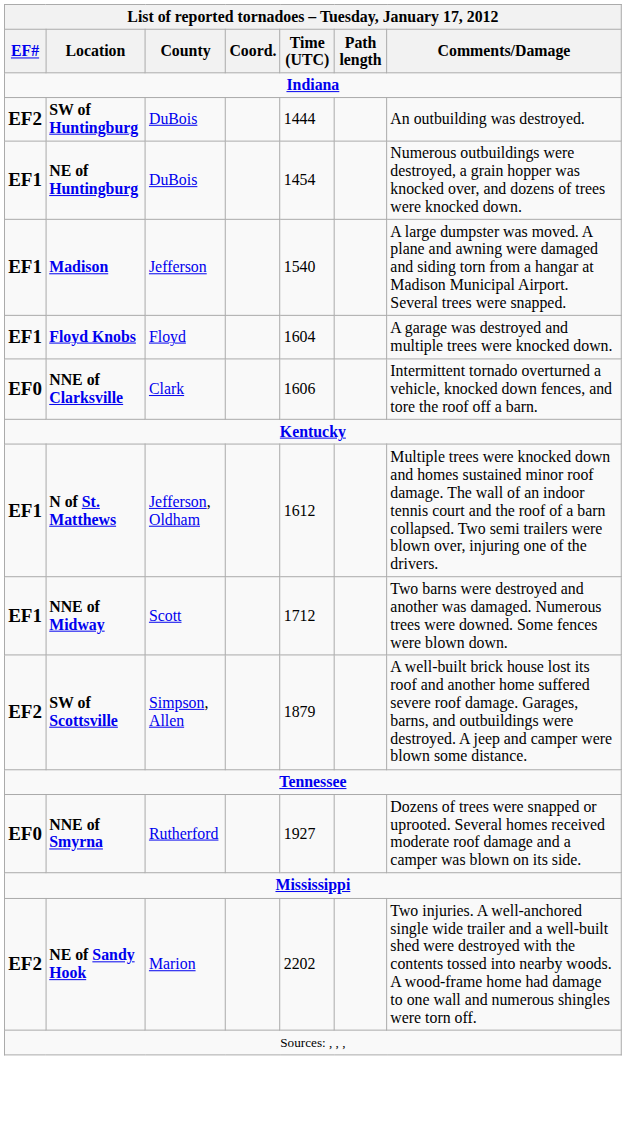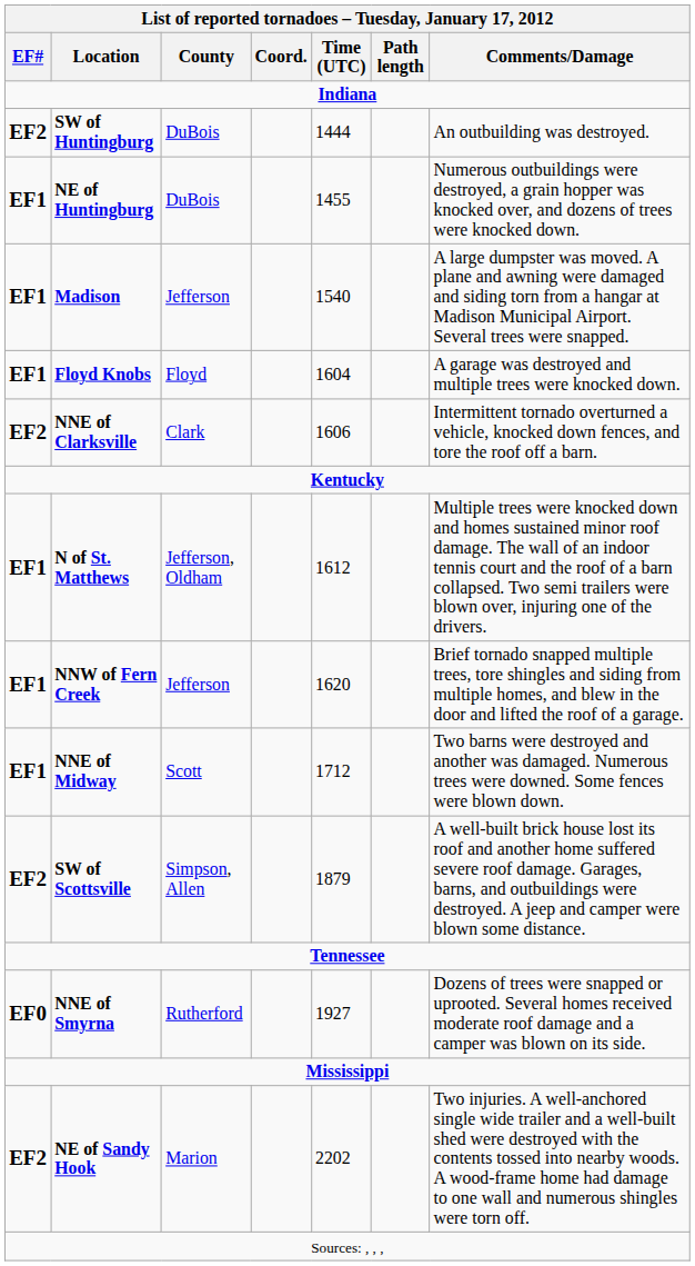 <table class="wikitable collapsible" style="width:100%;">
 <tr>
 <th colspan="7">List of reported tornadoes – Tuesday, January 17, 2012</th>
 </tr>
 <tr>
 <th><a href='#'>EF#</a></th>
 <th>Location</th>
 <th>County</th>
 <th>Coord.</th>
 <th>Time (UTC)</th>
 <th>Path length</th>
 <th>Comments/Damage</th>
 </tr>
 <tr>
 <td colspan="7" style="text-align:center;"><strong><a href='#'>Indiana</a></strong></td>
 </tr>
 <tr>
 <td><big><strong>EF2</strong></big></td>
 <td><strong>SW of <a href='#'>Huntingburg</a></strong></td>
 <td><a href='#'>DuBois</a></td>
 <td></td>
 <td>1444</td>
 <td></td>
 <td>An outbuilding was destroyed.</td>
 </tr>
 <tr>
 <td><big><strong>EF1</strong></big></td>
 <td><strong>NE of <a href='#'>Huntingburg</a></strong></td>
 <td><a href='#'>DuBois</a></td>
 <td></td>
-<td>1454</td>
+<td>1455</td>
 <td></td>
 <td>Numerous outbuildings were destroyed, a grain hopper was knocked over, and dozens of trees were knocked down.</td>
 </tr>
 <tr>
 <td><big><strong>EF1</strong></big></td>
 <td><strong><a href='#'>Madison</a></strong></td>
 <td><a href='#'>Jefferson</a></td>
 <td></td>
 <td>1540</td>
 <td></td>
 <td>A large dumpster was moved. A plane and awning were damaged and siding torn from a hangar at Madison Municipal Airport. Several trees were snapped.</td>
 </tr>
 <tr>
 <td><big><strong>EF1</strong></big></td>
 <td><strong><a href='#'>Floyd Knobs</a></strong></td>
 <td><a href='#'>Floyd</a></td>
 <td></td>
 <td>1604</td>
 <td></td>
 <td>A garage was destroyed and multiple trees were knocked down.</td>
 </tr>
 <tr>
-<td><big><strong>EF0</strong></big></td>
+<td><big><strong>EF2</strong></big></td>
 <td><strong> NNE of <a href='#'>Clarksville</a></strong></td>
 <td><a href='#'>Clark</a></td>
 <td></td>
 <td>1606</td>
 <td></td>
 <td>Intermittent tornado overturned a vehicle, knocked down fences, and tore the roof off a barn.</td>
 </tr>
 <tr>
 <td colspan="7" style="text-align:center;"><strong><a href='#'>Kentucky</a></strong></td>
 </tr>
 <tr>
 <td><big><strong>EF1</strong></big></td>
 <td><strong>N of <a href='#'>St. Matthews</a></strong></td>
 <td><a href='#'>Jefferson</a>, <a href='#'>Oldham</a></td>
 <td></td>
 <td>1612</td>
 <td></td>
 <td>Multiple trees were knocked down and homes sustained minor roof damage. The wall of an indoor tennis court and the roof of a barn collapsed. Two semi trailers were blown over, injuring one of the drivers.</td>
+</tr>
+<tr>
+<td><big><strong>EF1</strong></big></td>
+<td><strong>NNW of <a href='#'>Fern Creek</a></strong></td>
+<td><a href='#'>Jefferson</a></td>
+<td></td>
+<td>1620</td>
+<td></td>
+<td>Brief tornado snapped multiple trees, tore shingles and siding from multiple homes, and blew in the door and lifted the roof of a garage.</td>
 </tr>
 <tr>
 <td><big><strong>EF1</strong></big></td>
 <td><strong>NNE of <a href='#'>Midway</a></strong></td>
 <td><a href='#'>Scott</a></td>
 <td></td>
 <td>1712</td>
 <td></td>
 <td>Two barns were destroyed and another was damaged. Numerous trees were downed. Some fences were blown down.</td>
 </tr>
 <tr>
 <td><big><strong>EF2</strong></big></td>
 <td><strong>SW of <a href='#'>Scottsville</a></strong></td>
 <td><a href='#'>Simpson</a>, <a href='#'>Allen</a></td>
 <td></td>
 <td>1879</td>
 <td></td>
 <td>A well-built brick house lost its roof and another home suffered severe roof damage. Garages, barns, and outbuildings were destroyed. A jeep and camper were blown some distance.</td>
 </tr>
 <tr>
 <td colspan="7" style="text-align:center;"><strong><a href='#'>Tennessee</a></strong></td>
 </tr>
 <tr>
 <td><big><strong>EF0</strong></big></td>
 <td><strong>NNE of <a href='#'>Smyrna</a></strong></td>
 <td><a href='#'>Rutherford</a></td>
 <td></td>
 <td>1927</td>
 <td></td>
 <td>Dozens of trees were snapped or uprooted. Several homes received moderate roof damage and a camper was blown on its side.</td>
 </tr>
 <tr>
 <td colspan="7" style="text-align:center;"><strong><a href='#'>Mississippi</a></strong></td>
 </tr>
 <tr>
 <td><big><strong>EF2</strong></big></td>
 <td><strong>NE of <a href='#'>Sandy Hook</a></strong></td>
 <td><a href='#'>Marion</a></td>
 <td></td>
 <td>2202</td>
 <td></td>
 <td>Two injuries. A well-anchored single wide trailer and a well-built shed were destroyed with the contents tossed into nearby woods. A wood-frame home had damage to one wall and numerous shingles were torn off.</td>
 </tr>
 <tr>
 <td colspan="7" style="text-align:center;"><small>Sources: , , , </small></td>
 </tr>
 </table>
